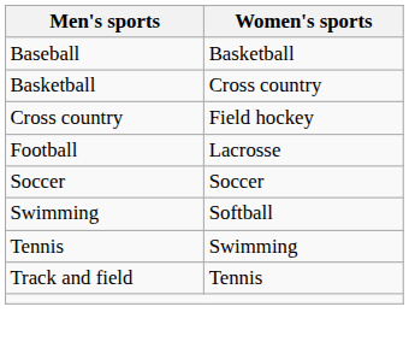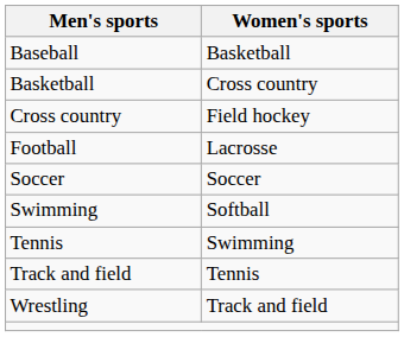 <table class= wikitable>
 <tr>
 <th width=150px>Men's sports</th>
 <th width=150px>Women's sports</th>
 </tr>
 <tr>
 <td>Baseball</td>
 <td>Basketball</td>
 </tr>
 <tr>
 <td>Basketball</td>
 <td>Cross country</td>
 </tr>
 <tr>
 <td>Cross country</td>
 <td>Field hockey</td>
 </tr>
 <tr>
 <td>Football</td>
 <td>Lacrosse</td>
 </tr>
 <tr>
 <td>Soccer</td>
 <td>Soccer</td>
 </tr>
 <tr>
 <td>Swimming</td>
 <td>Softball</td>
 </tr>
 <tr>
 <td>Tennis</td>
 <td>Swimming</td>
 </tr>
 <tr>
 <td>Track and field</td>
 <td>Tennis</td>
 </tr>
 <tr>
+<td>Wrestling</td>
+<td>Track and field</td>
+</tr>
+<tr>
 <td colspan=2></td>
 </tr>
 </table>
